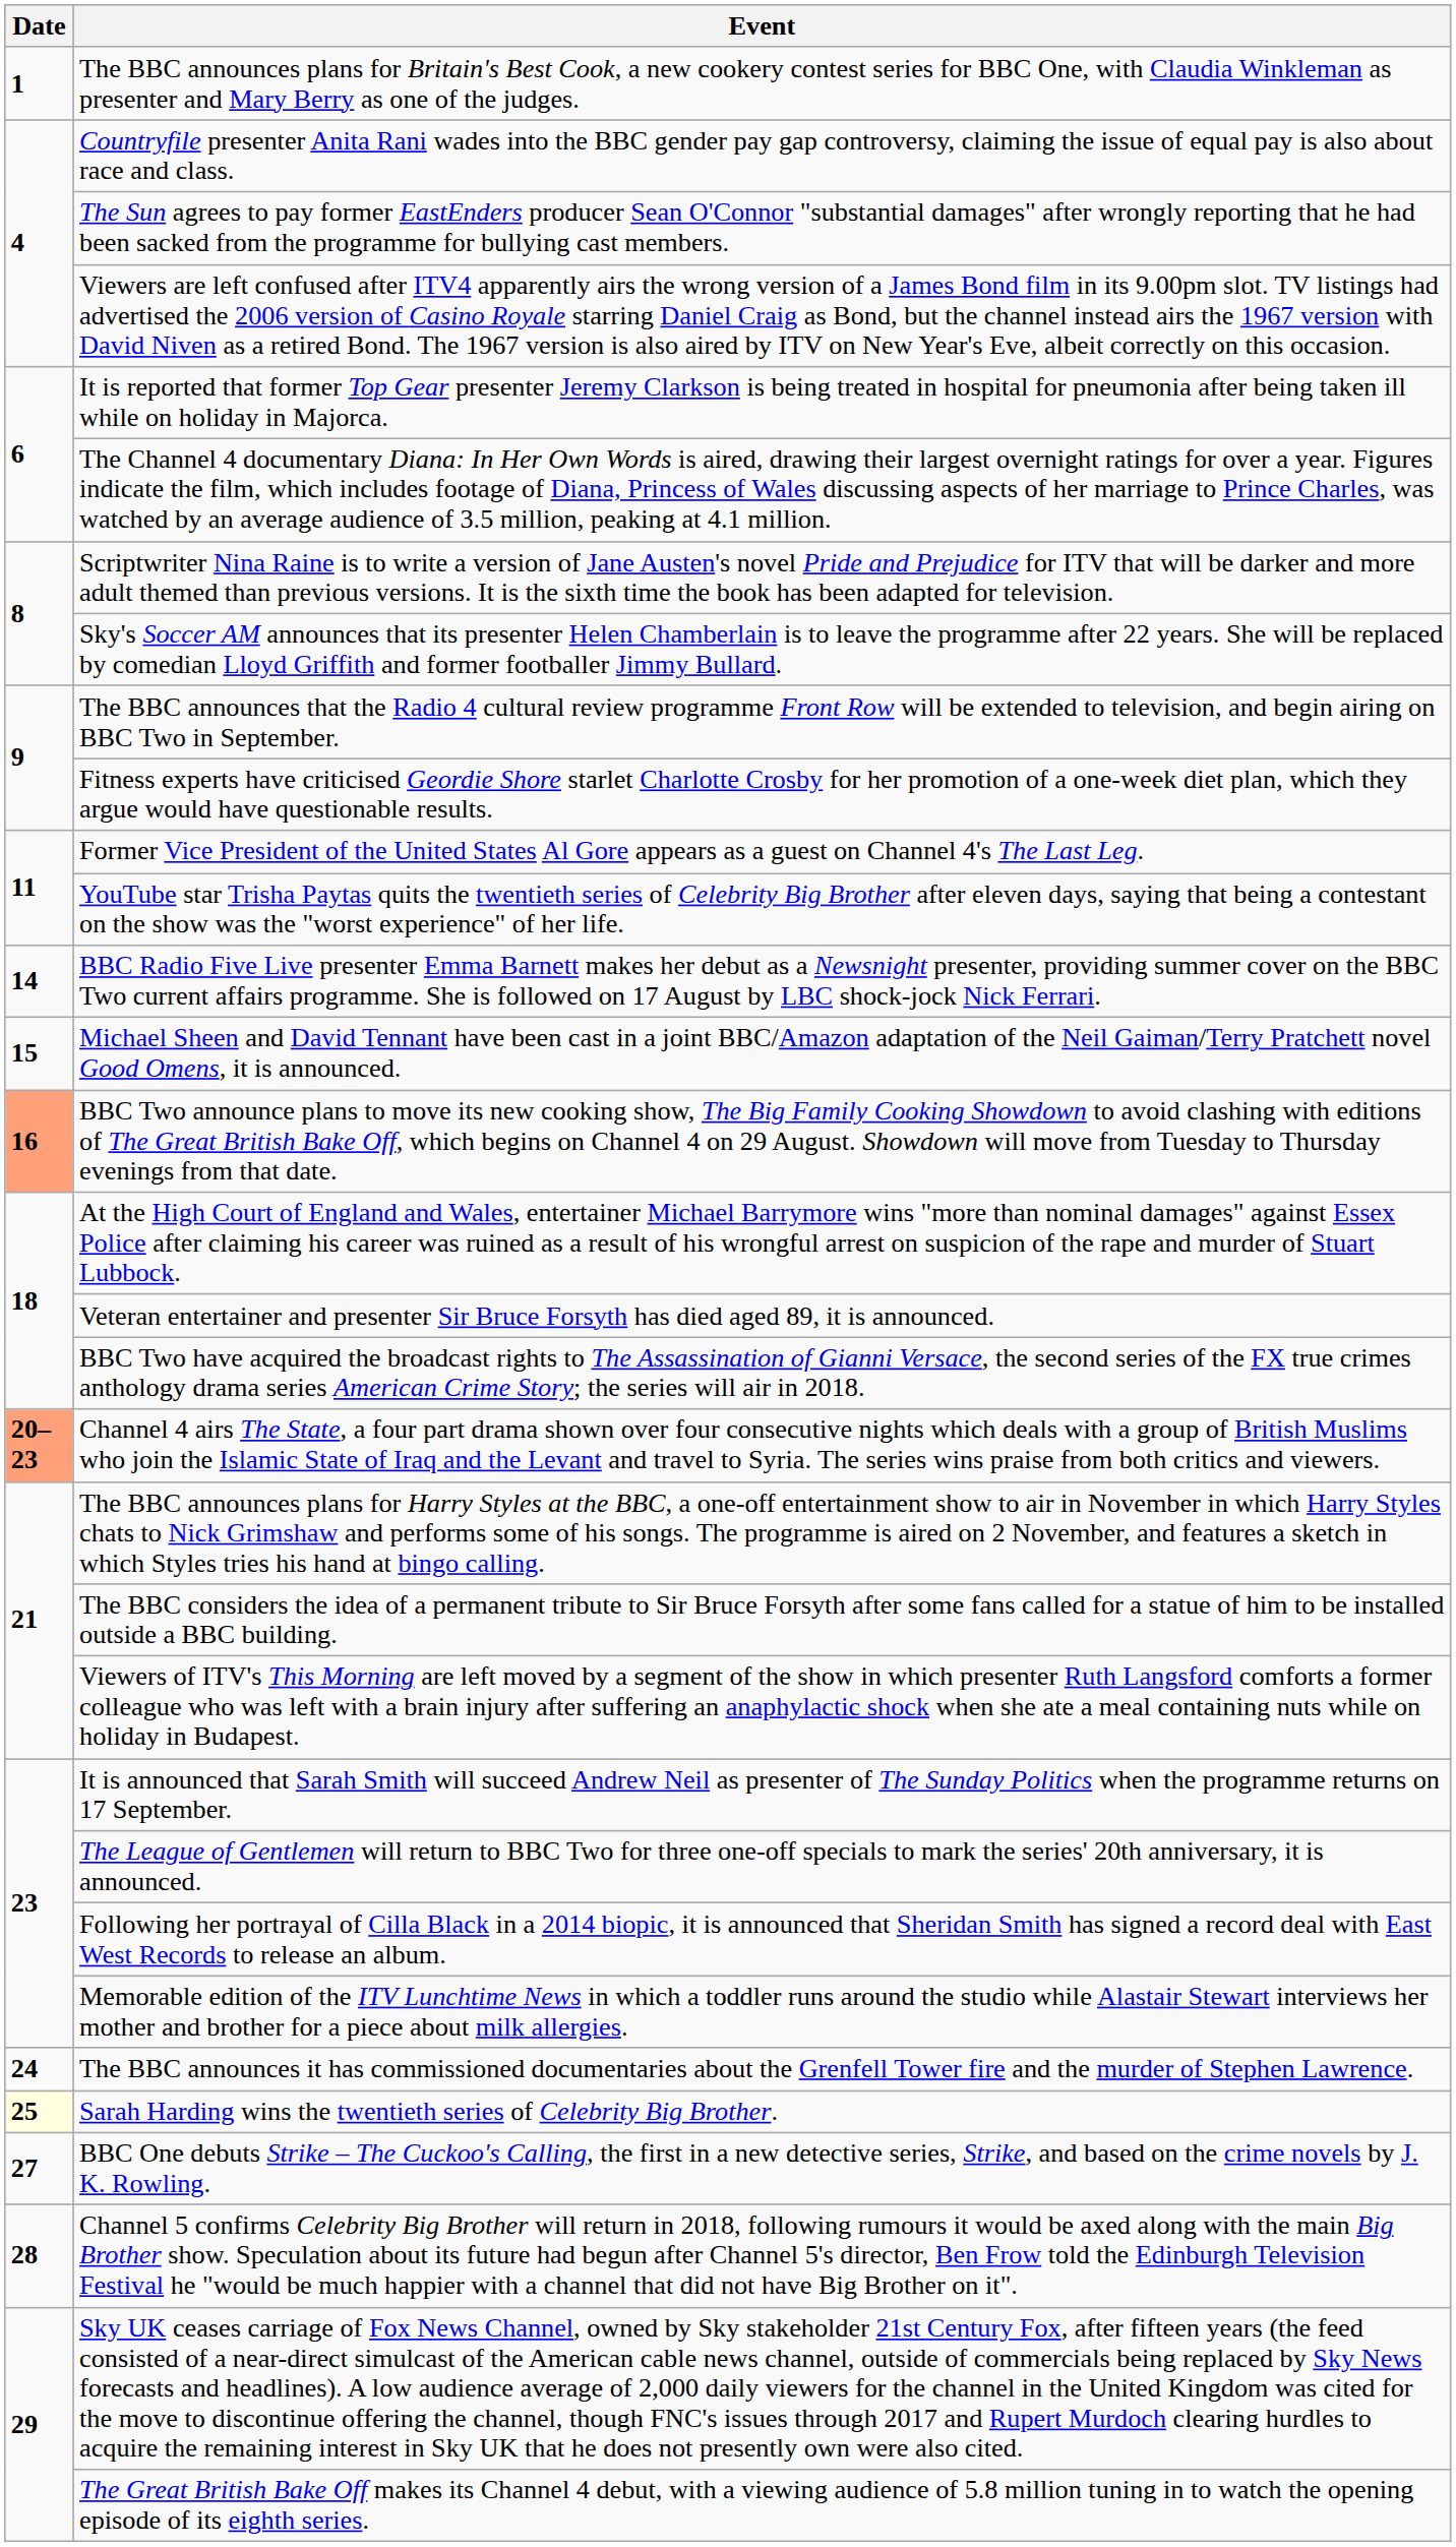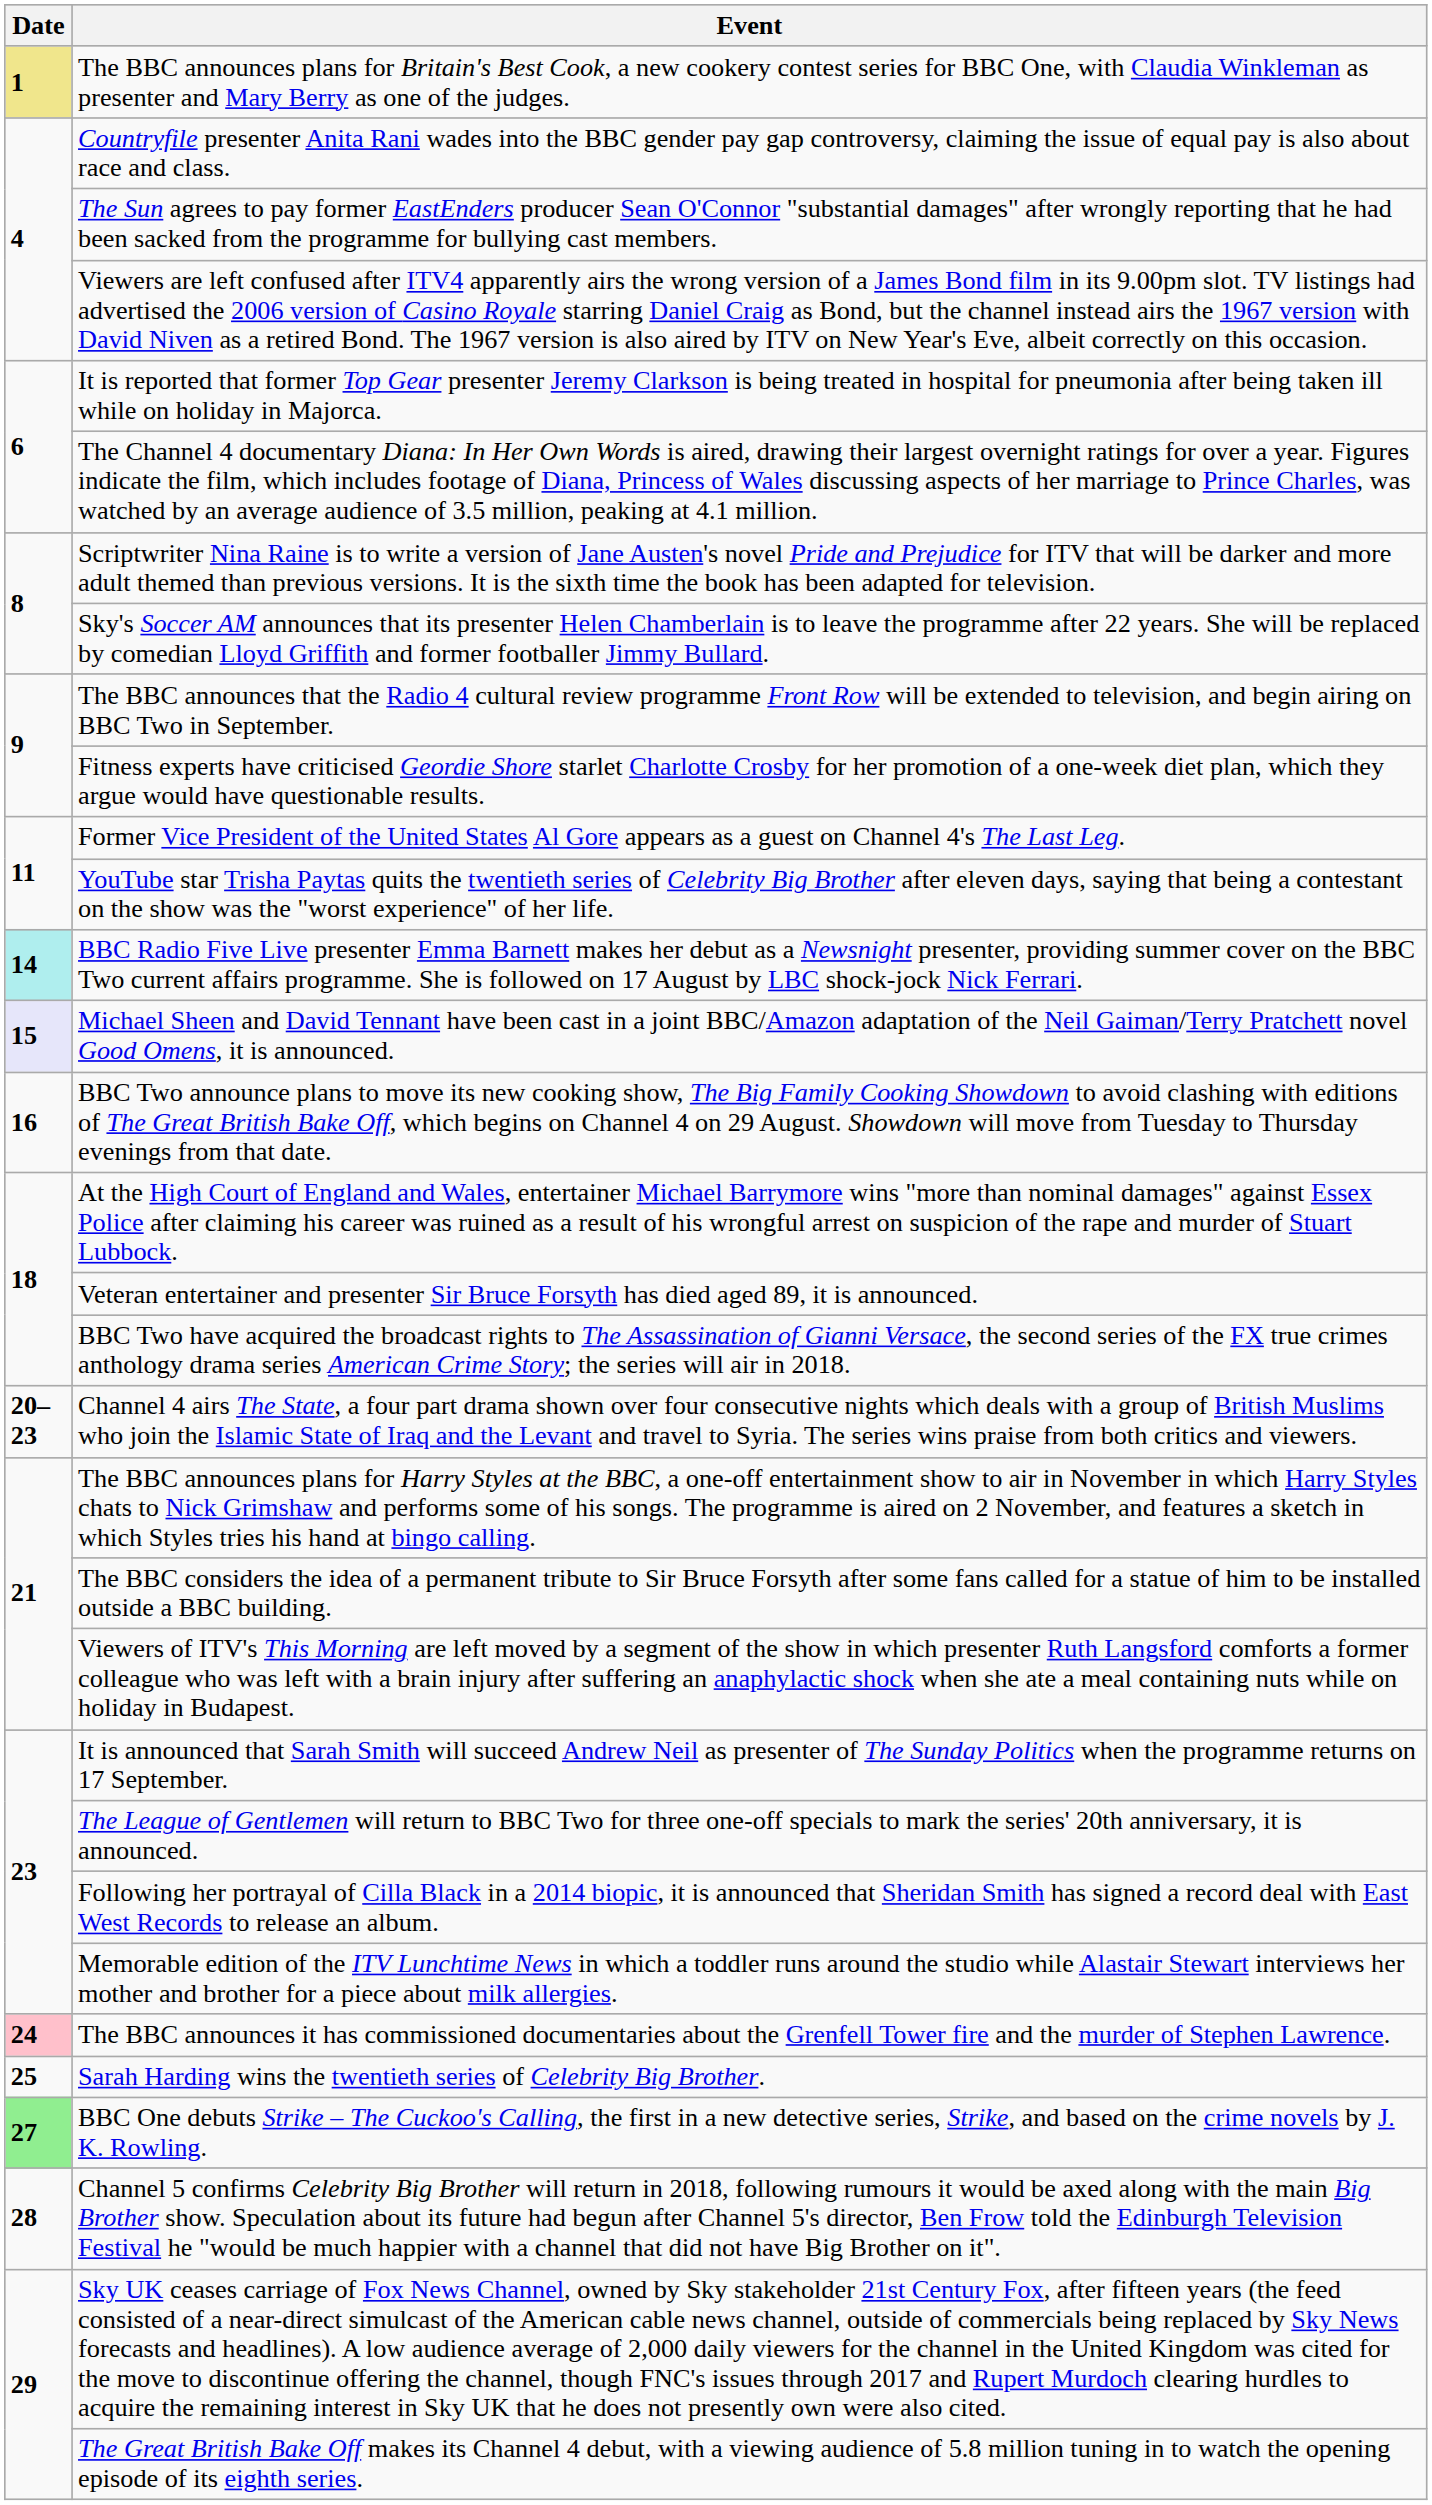 <table class="wikitable">
 <tr>
 <th>Date</th>
 <th>Event</th>
 </tr>
 <tr>
-<td><strong>1</strong></td>
+<td style="background: khaki;"><strong>1</strong></td>
 <td>The BBC announces plans for <em>Britain's Best Cook</em>, a new cookery contest series for BBC One, with <a href='#'>Claudia Winkleman</a> as presenter and <a href='#'>Mary Berry</a> as one of the judges.</td>
 </tr>
 <tr>
 <td rowspan=3><strong>4</strong></td>
 <td><em><a href='#'>Countryfile</a></em> presenter <a href='#'>Anita Rani</a> wades into the BBC gender pay gap controversy, claiming the issue of equal pay is also about race and class.</td>
 </tr>
 <tr>
 <td><em><a href='#'>The Sun</a></em> agrees to pay former <em><a href='#'>EastEnders</a></em> producer <a href='#'>Sean O'Connor</a> "substantial damages" after wrongly reporting that he had been sacked from the programme for bullying cast members.</td>
 </tr>
 <tr>
 <td>Viewers are left confused after <a href='#'>ITV4</a> apparently airs the wrong version of a <a href='#'>James Bond film</a> in its 9.00pm slot. TV listings had advertised the <a href='#'>2006 version of <em>Casino Royale</em></a> starring <a href='#'>Daniel Craig</a> as Bond, but the channel instead airs the <a href='#'>1967 version</a> with <a href='#'>David Niven</a> as a retired Bond. The 1967 version is also aired by ITV on New Year's Eve, albeit correctly on this occasion.</td>
 </tr>
 <tr>
 <td rowspan=2><strong>6</strong></td>
 <td>It is reported that former <em><a href='#'>Top Gear</a></em> presenter <a href='#'>Jeremy Clarkson</a> is being treated in hospital for pneumonia after being taken ill while on holiday in Majorca.</td>
 </tr>
 <tr>
 <td>The Channel 4 documentary <em>Diana: In Her Own Words</em> is aired, drawing their largest overnight ratings for over a year. Figures indicate the film, which includes footage of <a href='#'>Diana, Princess of Wales</a> discussing aspects of her marriage to <a href='#'>Prince Charles</a>, was watched by an average audience of 3.5 million, peaking at 4.1 million.</td>
 </tr>
 <tr>
 <td rowspan=2><strong>8</strong></td>
 <td>Scriptwriter <a href='#'>Nina Raine</a> is to write a version of <a href='#'>Jane Austen</a>'s novel <em><a href='#'>Pride and Prejudice</a></em> for ITV that will be darker and more adult themed than previous versions. It is the sixth time the book has been adapted for television.</td>
 </tr>
 <tr>
 <td>Sky's <em><a href='#'>Soccer AM</a></em> announces that its presenter <a href='#'>Helen Chamberlain</a> is to leave the programme after 22 years. She will be replaced by comedian <a href='#'>Lloyd Griffith</a> and former footballer <a href='#'>Jimmy Bullard</a>.</td>
 </tr>
 <tr>
 <td rowspan=2><strong>9</strong></td>
 <td>The BBC announces that the <a href='#'>Radio 4</a> cultural review programme <em><a href='#'>Front Row</a></em> will be extended to television, and begin airing on BBC Two in September.</td>
 </tr>
 <tr>
 <td>Fitness experts have criticised <em><a href='#'>Geordie Shore</a></em> starlet <a href='#'>Charlotte Crosby</a> for her promotion of a one-week diet plan, which they argue would have questionable results.</td>
 </tr>
 <tr>
 <td rowspan=2><strong>11</strong></td>
 <td>Former <a href='#'>Vice President of the United States</a> <a href='#'>Al Gore</a> appears as a guest on Channel 4's <em><a href='#'>The Last Leg</a></em>.</td>
 </tr>
 <tr>
 <td><a href='#'>YouTube</a> star <a href='#'>Trisha Paytas</a> quits the <a href='#'>twentieth series</a> of <em><a href='#'>Celebrity Big Brother</a></em> after eleven days, saying that being a contestant on the show was the "worst experience" of her life.</td>
 </tr>
 <tr>
-<td><strong>14</strong></td>
+<td style="background: paleturquoise;"><strong>14</strong></td>
 <td><a href='#'>BBC Radio Five Live</a> presenter <a href='#'>Emma Barnett</a> makes her debut as a <em><a href='#'>Newsnight</a></em> presenter, providing summer cover on the BBC Two current affairs programme. She is followed on 17 August by <a href='#'>LBC</a> shock-jock <a href='#'>Nick Ferrari</a>.</td>
 </tr>
 <tr>
-<td><strong>15</strong></td>
+<td style="background: lavender;"><strong>15</strong></td>
 <td><a href='#'>Michael Sheen</a> and <a href='#'>David Tennant</a> have been cast in a joint BBC/<a href='#'>Amazon</a> adaptation of the <a href='#'>Neil Gaiman</a>/<a href='#'>Terry Pratchett</a> novel <em><a href='#'>Good Omens</a></em>, it is announced.</td>
 </tr>
 <tr>
-<td style="background: lightsalmon;"><strong>16</strong></td>
+<td><strong>16</strong></td>
 <td>BBC Two announce plans to move its new cooking show, <em><a href='#'>The Big Family Cooking Showdown</a></em> to avoid clashing with editions of <em><a href='#'>The Great British Bake Off</a></em>, which begins on Channel 4 on 29 August. <em>Showdown</em> will move from Tuesday to Thursday evenings from that date.</td>
 </tr>
 <tr>
 <td rowspan=3><strong>18</strong></td>
 <td>At the <a href='#'>High Court of England and Wales</a>, entertainer <a href='#'>Michael Barrymore</a> wins "more than nominal damages" against <a href='#'>Essex Police</a> after claiming his career was ruined as a result of his wrongful arrest on suspicion of the rape and murder of <a href='#'>Stuart Lubbock</a>.</td>
 </tr>
 <tr>
 <td>Veteran entertainer and presenter <a href='#'>Sir Bruce Forsyth</a> has died aged 89, it is announced.</td>
 </tr>
 <tr>
 <td>BBC Two have acquired the broadcast rights to <em><a href='#'>The Assassination of Gianni Versace</a></em>, the second series of the <a href='#'>FX</a> true crimes anthology drama series <em><a href='#'>American Crime Story</a></em>; the series will air in 2018.</td>
 </tr>
 <tr>
-<td style="background: lightsalmon;"><strong>20–23</strong></td>
+<td><strong>20–23</strong></td>
 <td>Channel 4 airs <em><a href='#'>The State</a></em>, a four part drama shown over four consecutive nights which deals with a group of <a href='#'>British Muslims</a> who join the <a href='#'>Islamic State of Iraq and the Levant</a> and travel to Syria. The series wins praise from both critics and viewers.</td>
 </tr>
 <tr>
 <td rowspan=3><strong>21</strong></td>
 <td>The BBC announces plans for <em>Harry Styles at the BBC</em>, a one-off entertainment show to air in November in which <a href='#'>Harry Styles</a> chats to <a href='#'>Nick Grimshaw</a> and performs some of his songs. The programme is aired on 2 November, and features a sketch in which Styles tries his hand at <a href='#'>bingo calling</a>.</td>
 </tr>
 <tr>
 <td>The BBC considers the idea of a permanent tribute to Sir Bruce Forsyth after some fans called for a statue of him to be installed outside a BBC building.</td>
 </tr>
 <tr>
 <td>Viewers of ITV's <em><a href='#'>This Morning</a></em> are left moved by a segment of the show in which presenter <a href='#'>Ruth Langsford</a> comforts a former colleague who was left with a brain injury after suffering an <a href='#'>anaphylactic shock</a> when she ate a meal containing nuts while on holiday in Budapest.</td>
 </tr>
 <tr>
 <td rowspan=4><strong>23</strong></td>
 <td>It is announced that <a href='#'>Sarah Smith</a> will succeed <a href='#'>Andrew Neil</a> as presenter of <em><a href='#'>The Sunday Politics</a></em> when the programme returns on 17 September.</td>
 </tr>
 <tr>
 <td><em><a href='#'>The League of Gentlemen</a></em> will return to BBC Two for three one-off specials to mark the series' 20th anniversary, it is announced.</td>
 </tr>
 <tr>
 <td>Following her portrayal of <a href='#'>Cilla Black</a> in a <a href='#'>2014 biopic</a>, it is announced that <a href='#'>Sheridan Smith</a> has signed a record deal with <a href='#'>East West Records</a> to release an album.</td>
 </tr>
 <tr>
 <td>Memorable edition of the <em><a href='#'>ITV Lunchtime News</a></em> in which a toddler runs around the studio while <a href='#'>Alastair Stewart</a> interviews her mother and brother for a piece about <a href='#'>milk allergies</a>.</td>
 </tr>
 <tr>
-<td><strong>24</strong></td>
+<td style="background: pink;"><strong>24</strong></td>
 <td>The BBC announces it has commissioned documentaries about the <a href='#'>Grenfell Tower fire</a> and the <a href='#'>murder of Stephen Lawrence</a>.</td>
 </tr>
 <tr>
-<td style="background: lightyellow;"><strong>25</strong></td>
+<td><strong>25</strong></td>
 <td><a href='#'>Sarah Harding</a> wins the <a href='#'>twentieth series</a> of <em><a href='#'>Celebrity Big Brother</a></em>.</td>
 </tr>
 <tr>
-<td><strong>27</strong></td>
+<td style="background: lightgreen;"><strong>27</strong></td>
 <td>BBC One debuts <em><a href='#'>Strike – The Cuckoo's Calling</a></em>, the first in a new detective series, <em><a href='#'>Strike</a></em>, and based on the <a href='#'>crime novels</a> by <a href='#'>J. K. Rowling</a>.</td>
 </tr>
 <tr>
 <td><strong>28</strong></td>
 <td>Channel 5 confirms <em>Celebrity Big Brother</em> will return in 2018, following rumours it would be axed along with the main <em><a href='#'>Big Brother</a></em> show. Speculation about its future had begun after Channel 5's director, <a href='#'>Ben Frow</a> told the <a href='#'>Edinburgh Television Festival</a> he "would be much happier with a channel that did not have Big Brother on it".</td>
 </tr>
 <tr>
 <td rowspan=2><strong>29</strong></td>
 <td><a href='#'>Sky UK</a> ceases carriage of <a href='#'>Fox News Channel</a>, owned by Sky stakeholder <a href='#'>21st Century Fox</a>, after fifteen years (the feed consisted of a near-direct simulcast of the American cable news channel, outside of commercials being replaced by <a href='#'>Sky News</a> forecasts and headlines). A low audience average of 2,000 daily viewers for the channel in the United Kingdom was cited for the move to discontinue offering the channel, though FNC's issues through 2017 and <a href='#'>Rupert Murdoch</a> clearing hurdles to acquire the remaining interest in Sky UK that he does not presently own were also cited.</td>
 </tr>
 <tr>
 <td><em><a href='#'>The Great British Bake Off</a></em> makes its Channel 4 debut, with a viewing audience of 5.8 million tuning in to watch the opening episode of its <a href='#'>eighth series</a>.</td>
 </tr>
 </table>
